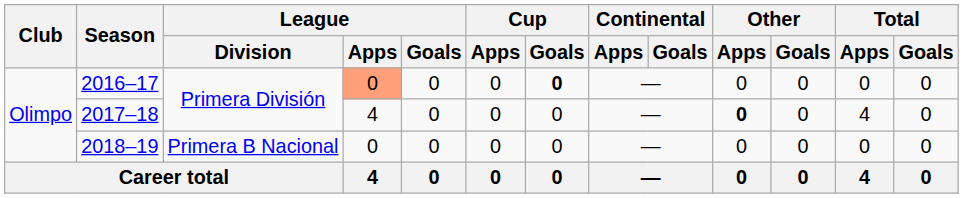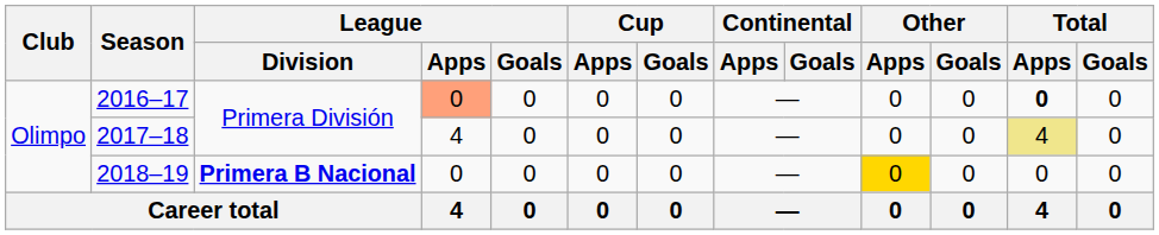 <table class="wikitable" style="text-align:center">
 <tr>
 <th rowspan="2">Club</th>
 <th rowspan="2">Season</th>
 <th colspan="3">League</th>
 <th colspan="2">Cup</th>
 <th colspan="2">Continental</th>
 <th colspan="2">Other</th>
 <th colspan="2">Total</th>
 </tr>
 <tr>
 <th>Division</th>
 <th>Apps</th>
 <th>Goals</th>
 <th>Apps</th>
 <th>Goals</th>
 <th>Apps</th>
 <th>Goals</th>
 <th>Apps</th>
 <th>Goals</th>
 <th>Apps</th>
 <th>Goals</th>
 </tr>
 <tr>
 <td rowspan="3"><a href='#'>Olimpo</a></td>
 <td><a href='#'>2016–17</a></td>
 <td rowspan="2"><a href='#'>Primera División</a></td>
 <td style="background: lightsalmon;">0</td>
 <td>0</td>
 <td>0</td>
-<td><strong>0</strong></td>
+<td>0</td>
 <td colspan="2">—</td>
 <td>0</td>
 <td>0</td>
-<td>0</td>
+<td><strong>0</strong></td>
 <td>0</td>
 </tr>
 <tr>
 <td><a href='#'>2017–18</a></td>
 <td>4</td>
 <td>0</td>
 <td>0</td>
 <td>0</td>
 <td colspan="2">—</td>
-<td><strong>0</strong></td>
 <td>0</td>
-<td>4</td>
+<td>0</td>
+<td style="background: khaki;">4</td>
 <td>0</td>
 </tr>
 <tr>
 <td><a href='#'>2018–19</a></td>
-<td rowspan="1"><a href='#'>Primera B Nacional</a></td>
+<td rowspan="1"><strong><a href='#'>Primera B Nacional</a></strong></td>
 <td>0</td>
 <td>0</td>
 <td>0</td>
 <td>0</td>
 <td colspan="2">—</td>
-<td>0</td>
+<td style="background: gold;">0</td>
 <td>0</td>
 <td>0</td>
 <td>0</td>
 </tr>
 <tr>
 <th colspan="3">Career total</th>
 <th>4</th>
 <th>0</th>
 <th>0</th>
 <th>0</th>
 <th colspan="2">—</th>
 <th>0</th>
 <th>0</th>
 <th>4</th>
 <th>0</th>
 </tr>
 </table>
